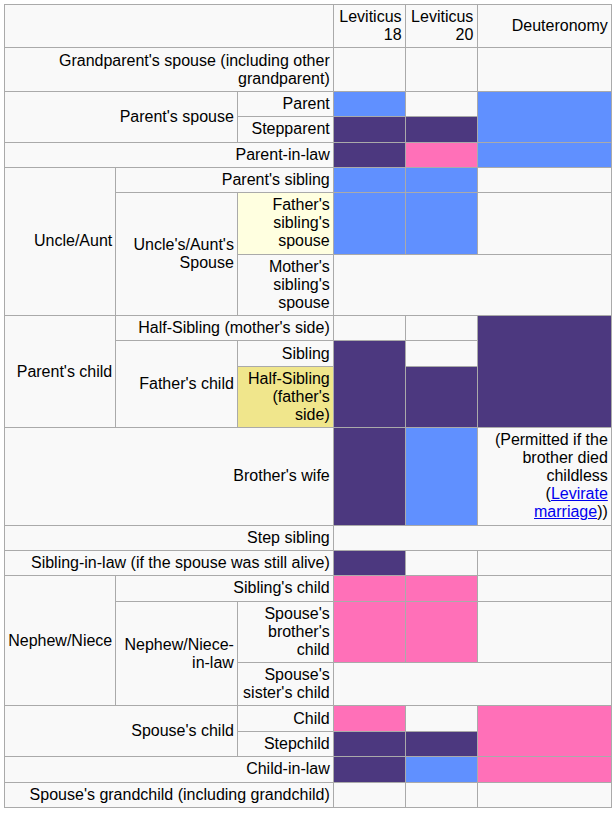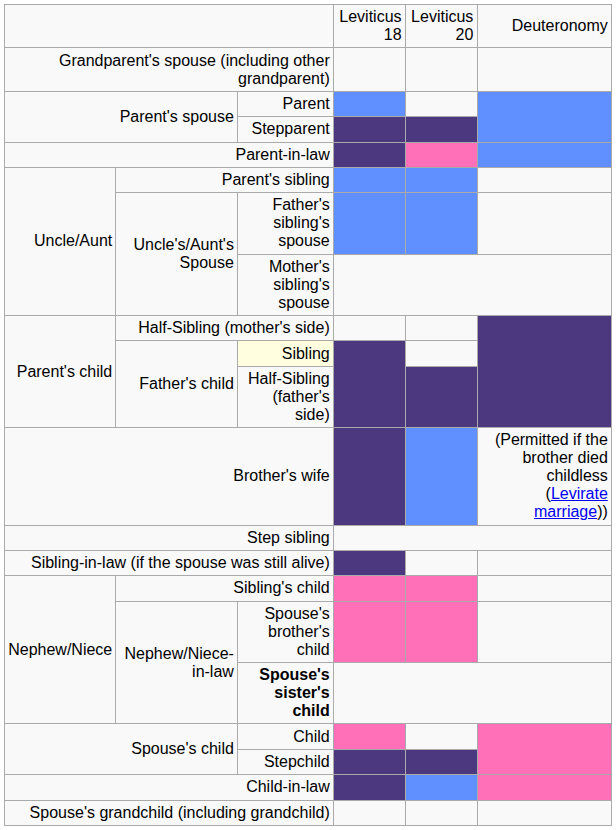 <table border="1" class="wikitable" style="text-align:right">
 <tr>
 <td colspan="3"></td>
 <td>Leviticus 18</td>
 <td>Leviticus 20</td>
 <td>Deuteronomy</td>
 </tr>
 <tr>
 <td colspan="3">Grandparent's spouse (including other grandparent)</td>
 <td style="background-color:"></td>
 <td></td>
 <td></td>
 </tr>
 <tr>
 <td colspan="2" rowspan="2">Parent's spouse</td>
 <td>Parent</td>
 <td style="background-color:#6090FF"></td>
 <td></td>
 <td rowspan="2" style="background-color:#6090FF"></td>
 </tr>
 <tr>
 <td>Stepparent</td>
 <td style="background-color:#4c387f"></td>
 <td style="background-color:#4c387f"></td>
 </tr>
 <tr>
 <td colspan="3">Parent-in-law</td>
 <td style="background-color:#4c387f"></td>
 <td style="background-color:#FF70B8"></td>
 <td style="background-color:#6090FF"></td>
 </tr>
 <tr>
 <td rowspan="3">Uncle/Aunt</td>
 <td colspan="2">Parent's sibling</td>
 <td style="background-color:#6090FF"></td>
 <td style="background-color:#6090FF"></td>
 <td></td>
 </tr>
 <tr>
 <td rowspan="2">Uncle's/Aunt's Spouse</td>
-<td style="background: lightyellow;">Father's sibling's spouse</td>
+<td>Father's sibling's spouse</td>
 <td style="background-color:#6090FF"></td>
 <td style="background-color:#6090FF"></td>
 <td></td>
 </tr>
 <tr>
 <td>Mother's sibling's spouse</td>
 <td colspan="3"></td>
 </tr>
 <tr>
 <td rowspan="3">Parent's child</td>
 <td colspan="2">Half-Sibling (mother's side)</td>
 <td></td>
 <td></td>
 <td rowspan="3" style="background-color:#4c387f"></td>
 </tr>
 <tr>
 <td rowspan="2">Father's child</td>
-<td>Sibling</td>
+<td style="background: lightyellow;">Sibling</td>
 <td rowspan="2" style="background-color:#4c387f"></td>
 <td></td>
 </tr>
 <tr>
-<td style="background: khaki;">Half-Sibling (father's side)</td>
+<td>Half-Sibling (father's side)</td>
 <td style="background-color:#4c387f"></td>
 </tr>
 <tr>
 <td colspan="3">Brother's wife</td>
 <td style="background-color:#4c387f"></td>
 <td style="background-color:#6090FF"></td>
 <td>(Permitted if the brother died childless (<a href='#'>Levirate marriage</a>))</td>
 </tr>
 <tr>
 <td colspan="3">Step sibling</td>
 <td colspan="3"></td>
 </tr>
 <tr>
 <td colspan="3">Sibling-in-law (if the spouse was still alive)</td>
 <td style="background-color:#4c387f"></td>
 <td></td>
 <td></td>
 </tr>
 <tr>
 <td rowspan="3">Nephew/Niece</td>
 <td colspan="2">Sibling's child</td>
 <td style="background-color:#FF70B8"></td>
 <td style="background-color:#FF70B8"></td>
 <td></td>
 </tr>
 <tr>
 <td rowspan="2">Nephew/Niece-in-law</td>
 <td>Spouse's brother's child</td>
 <td style="background-color:#FF70B8"></td>
 <td style="background-color:#FF70B8"></td>
 <td></td>
 </tr>
 <tr>
-<td>Spouse's sister's child</td>
+<td><strong>Spouse's sister's child</strong></td>
 <td colspan="3"></td>
 </tr>
 <tr>
 <td colspan="2" rowspan="2">Spouse's child</td>
 <td>Child</td>
 <td style="background-color:#FF70B8"></td>
 <td></td>
 <td rowspan="2" style="background-color:#FF70B8"></td>
 </tr>
 <tr>
 <td>Stepchild</td>
 <td style="background-color:#4c387f"></td>
 <td style="background-color:#4c387f"></td>
 </tr>
 <tr>
 <td colspan="3">Child-in-law</td>
 <td style="background-color:#4c387f"></td>
 <td style="background-color:#6090FF"></td>
 <td style="background-color:#FF70B8"></td>
 </tr>
 <tr>
 <td colspan="3">Spouse's grandchild (including grandchild)</td>
 <td style="background-color:"></td>
 <td></td>
 <td></td>
 </tr>
 <tr>
 </tr>
 </table>
